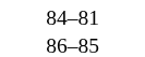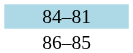 <table style="text-align:center">
 <tr>
 <th width=200></th>
 <th width=100></th>
 <th width=200></th>
 <th></th>
 </tr>
 <tr>
 <td align=right><strong></strong></td>
-<td>84–81</td>
+<td style="background: lightblue;">84–81</td>
 <td align=left></td>
 </tr>
 <tr>
 <td align=right><strong></strong></td>
 <td>86–85</td>
 <td align=left></td>
 </tr>
 </table>
